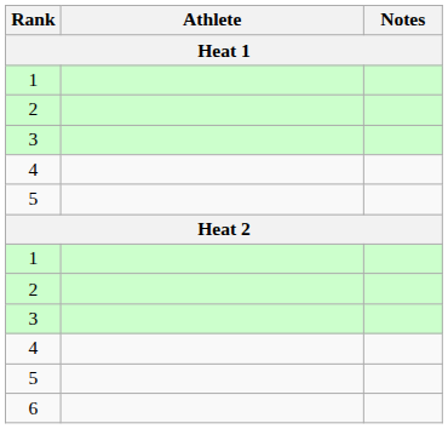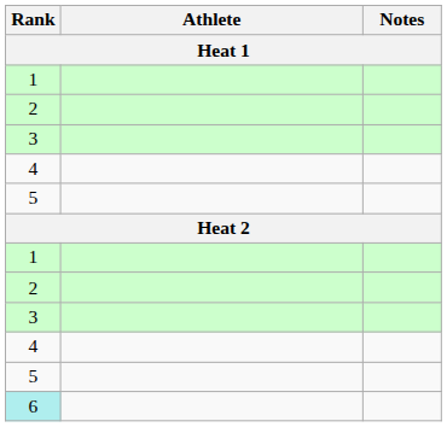 <table class=wikitable style="text-align:center">
 <tr>
 <th width=40>Rank</th>
 <th width=250>Athlete</th>
 <th width=60>Notes</th>
 </tr>
 <tr>
 <th colspan=3>Heat 1</th>
 </tr>
 <tr bgcolor="ccffcc">
 <td>1</td>
 <td align=left></td>
 <td></td>
 </tr>
 <tr bgcolor="ccffcc">
 <td>2</td>
 <td align=left></td>
 <td></td>
 </tr>
 <tr bgcolor="ccffcc">
 <td>3</td>
 <td align=left></td>
 <td></td>
 </tr>
 <tr>
 <td>4</td>
 <td align=left></td>
 <td></td>
 </tr>
 <tr>
 <td>5</td>
 <td align=left></td>
 <td></td>
 </tr>
 <tr>
 <th colspan=3>Heat 2</th>
 </tr>
 <tr bgcolor="ccffcc">
 <td>1</td>
 <td align=left></td>
 <td></td>
 </tr>
 <tr bgcolor="ccffcc">
 <td>2</td>
 <td align=left></td>
 <td></td>
 </tr>
 <tr bgcolor="ccffcc">
 <td>3</td>
 <td align=left></td>
 <td></td>
 </tr>
 <tr>
 <td>4</td>
 <td align=left></td>
 <td></td>
 </tr>
 <tr>
 <td>5</td>
 <td align=left></td>
 <td></td>
 </tr>
 <tr>
-<td>6</td>
+<td style="background: paleturquoise;">6</td>
 <td align=left></td>
 <td></td>
 </tr>
 </table>
